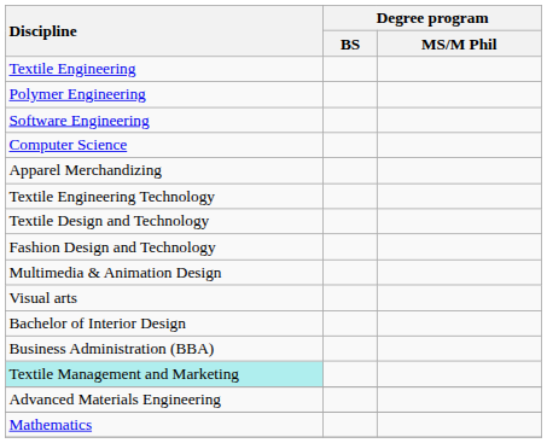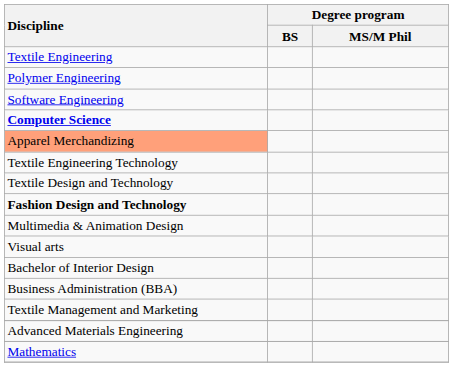 <table class="wikitable" style="text-align:center;">
 <tr>
 <th rowspan="2" style="width:310px; text-align:left;">Discipline</th>
 <th colspan="3" style="width:210px;">Degree program</th>
 </tr>
 <tr>
 <th>BS</th>
 <th>MS/M Phil</th>
 </tr>
 <tr>
 <td style="text-align:left"><a href='#'>Textile Engineering</a></td>
 <td></td>
 <td></td>
 </tr>
 <tr>
 <td style="text-align:left"><a href='#'>Polymer Engineering</a></td>
 <td></td>
 <td></td>
 </tr>
 <tr>
 <td style="text-align:left"><a href='#'>Software Engineering</a></td>
 <td></td>
 <td></td>
 </tr>
 <tr>
-<td style="text-align:left"><a href='#'>Computer Science</a></td>
+<td style="text-align:left"><strong><a href='#'>Computer Science</a></strong></td>
 <td></td>
 <td></td>
 </tr>
 <tr>
-<td style="text-align:left">Apparel Merchandizing</td>
+<td style="background: lightsalmon; text-align:left">Apparel Merchandizing</td>
 <td></td>
 <td></td>
 </tr>
 <tr>
 <td style="text-align:left">Textile Engineering Technology</td>
 <td></td>
 <td></td>
 </tr>
 <tr>
 <td style="text-align:left">Textile Design and Technology</td>
 <td></td>
 <td></td>
 </tr>
 <tr>
-<td style="text-align:left">Fashion Design and Technology</td>
+<td style="text-align:left"><strong>Fashion Design and Technology</strong></td>
 <td></td>
 <td></td>
 </tr>
 <tr>
 <td style="text-align:left">Multimedia & Animation Design</td>
 <td></td>
 <td></td>
 </tr>
 <tr>
 <td style="text-align:left">Visual arts</td>
 <td></td>
 <td></td>
 </tr>
 <tr>
 <td style="text-align:left">Bachelor of Interior Design</td>
 <td></td>
 <td></td>
 </tr>
 <tr>
 <td style="text-align:left">Business Administration (BBA)</td>
 <td></td>
 <td></td>
 </tr>
 <tr>
-<td style="background: paleturquoise; text-align:left">Textile Management and Marketing</td>
+<td style="text-align:left">Textile Management and Marketing</td>
 <td></td>
 <td></td>
 </tr>
 <tr>
 </tr>
 <tr>
 <td style="text-align:left">Advanced Materials Engineering</td>
 <td></td>
 <td></td>
 </tr>
 <tr>
 </tr>
 <tr>
 <td style="text-align:left"><a href='#'>Mathematics</a></td>
 <td></td>
 <td></td>
 </tr>
 <tr>
 </tr>
 </table>
